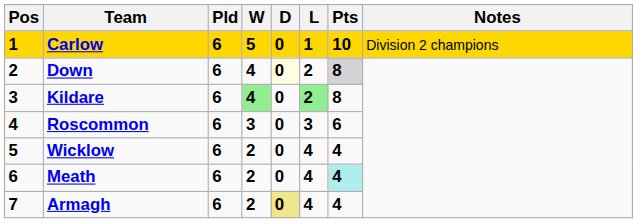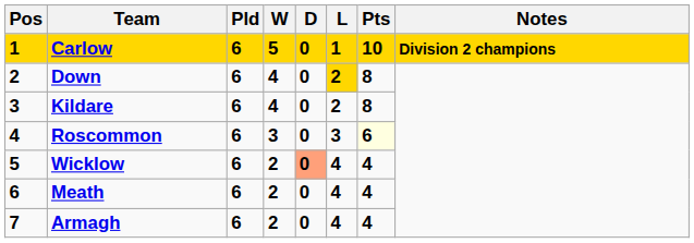 <table class="wikitable" style="text-align: centre;">
 <tr>
 <th width=20>Pos</th>
 <th width=150>Team</th>
 <th width=20>Pld</th>
 <th width=20>W</th>
 <th width=20>D</th>
 <th width=20>L</th>
 <th width=20>Pts</th>
 <th width=250>Notes</th>
 </tr>
 <tr style="background:gold;">
 <td><strong>1</strong></td>
 <td align=left><strong> <a href='#'>Carlow</a> </strong></td>
 <td><strong>6</strong></td>
 <td><strong>5</strong></td>
 <td><strong>0</strong></td>
 <td><strong>1</strong></td>
 <td><strong>10</strong></td>
-<td><small> Division 2 champions</small></td>
+<td><strong><small> Division 2 champions</small></strong></td>
 </tr>
 <tr>
 <td><strong>2</strong></td>
 <td align=left><strong> <a href='#'>Down</a> </strong></td>
 <td><strong>6</strong></td>
 <td><strong>4</strong></td>
-<td style="background: lightyellow;"><strong>0</strong></td>
-<td><strong>2</strong></td>
-<td style="background: lightgrey;"><strong>8</strong></td>
+<td><strong>0</strong></td>
+<td style="background: gold;"><strong>2</strong></td>
+<td><strong>8</strong></td>
 </tr>
 <tr>
 <td><strong>3</strong></td>
 <td align=left><strong> <a href='#'>Kildare</a> </strong></td>
 <td><strong>6</strong></td>
-<td style="background: lightgreen;"><strong>4</strong></td>
+<td><strong>4</strong></td>
 <td><strong>0</strong></td>
-<td style="background: lightgreen;"><strong>2</strong></td>
+<td><strong>2</strong></td>
 <td><strong>8</strong></td>
 </tr>
 <tr>
 <td><strong>4</strong></td>
 <td align=left><strong> <a href='#'>Roscommon</a> </strong></td>
 <td><strong>6</strong></td>
 <td><strong>3</strong></td>
 <td><strong>0</strong></td>
 <td><strong>3</strong></td>
-<td><strong>6</strong></td>
+<td style="background: lightyellow;"><strong>6</strong></td>
 </tr>
 <tr>
 <td><strong>5</strong></td>
 <td align=left><strong> <a href='#'>Wicklow</a> </strong></td>
 <td><strong>6</strong></td>
 <td><strong>2</strong></td>
-<td><strong>0</strong></td>
+<td style="background: lightsalmon;"><strong>0</strong></td>
 <td><strong>4</strong></td>
 <td><strong>4</strong></td>
 </tr>
 <tr>
 <td><strong>6</strong></td>
 <td align=left><strong> <a href='#'>Meath</a> </strong></td>
 <td><strong>6</strong></td>
 <td><strong>2</strong></td>
 <td><strong>0</strong></td>
 <td><strong>4</strong></td>
-<td style="background: paleturquoise;"><strong>4</strong></td>
+<td><strong>4</strong></td>
 </tr>
 <tr>
 <td><strong>7</strong></td>
 <td align=left><strong> <a href='#'>Armagh</a> </strong></td>
 <td><strong>6</strong></td>
 <td><strong>2</strong></td>
-<td style="background: khaki;"><strong>0</strong></td>
+<td><strong>0</strong></td>
 <td><strong>4</strong></td>
 <td><strong>4</strong></td>
 </tr>
 </table>
